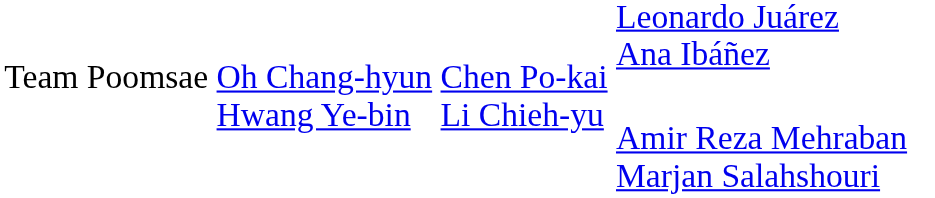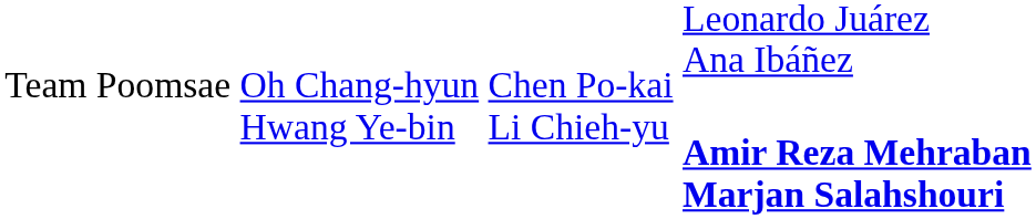 <table>
 <tr>
 <td rowspan=2>Team Poomsae<br></td>
 <td rowspan=2><br><a href='#'>Oh Chang-hyun</a><br><a href='#'>Hwang Ye-bin</a></td>
 <td rowspan=2><br><a href='#'>Chen Po-kai</a><br><a href='#'>Li Chieh-yu</a></td>
 <td><br><a href='#'>Leonardo Juárez</a><br><a href='#'>Ana Ibáñez</a></td>
 </tr>
 <tr>
-<td><br><a href='#'>Amir Reza Mehraban</a><br><a href='#'>Marjan Salahshouri</a></td>
+<td><strong><br><a href='#'>Amir Reza Mehraban</a><br><a href='#'>Marjan Salahshouri</a></strong></td>
 </tr>
 </table>
